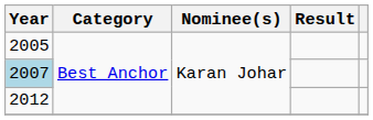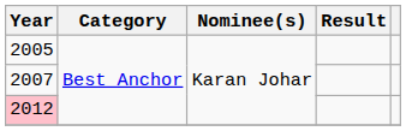 <table class="wikitable plainrowheaders">
 <tr>
 <th align="left">Year</th>
 <th align="left">Category</th>
 <th align="left">Nominee(s)</th>
 <th align="left">Result</th>
 <th align="left"></th>
 </tr>
 <tr>
 <td style="text-align:center;">2005</td>
 <td rowspan="3"><a href='#'>Best Anchor</a></td>
 <td rowspan="3">Karan Johar</td>
 <td></td>
 <td style="text-align:center;"></td>
 </tr>
 <tr>
-<td style="background: lightblue; text-align:center;">2007</td>
+<td style="text-align:center;">2007</td>
 <td></td>
 <td style="text-align:center;"></td>
 </tr>
 <tr>
-<td style="text-align:center;">2012</td>
+<td style="background: pink; text-align:center;">2012</td>
 <td></td>
 <td style="text-align:center;"></td>
 </tr>
 <tr>
 </tr>
 </table>
